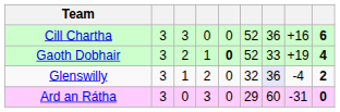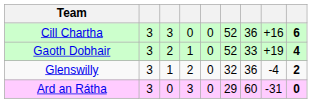 <table class="wikitable" style="text-align:center">
 <tr>
 <th style="width:175px;">Team</th>
 <th width="20"></th>
 <th width="20"></th>
 <th width="20"></th>
 <th width="20"></th>
 <th width="20"></th>
 <th width="20"></th>
 <th width="20"></th>
 <th width="20"></th>
 </tr>
 <tr style="background:#cfc;">
 <td><a href='#'>Cill Chartha</a></td>
 <td>3</td>
 <td>3</td>
 <td>0</td>
 <td>0</td>
 <td>52</td>
 <td>36</td>
 <td>+16</td>
 <td><strong>6</strong></td>
 </tr>
 <tr style="background:#cfc;">
 <td><a href='#'>Gaoth Dobhair</a></td>
 <td>3</td>
 <td>2</td>
 <td>1</td>
-<td><strong>0</strong></td>
+<td>0</td>
 <td>52</td>
 <td>33</td>
 <td>+19</td>
 <td><strong>4</strong></td>
 </tr>
 <tr>
 <td><a href='#'>Glenswilly</a></td>
 <td>3</td>
 <td>1</td>
 <td>2</td>
 <td>0</td>
 <td>32</td>
-<td style="background: lavender;">36</td>
+<td>36</td>
 <td>-4</td>
 <td><strong>2</strong></td>
 </tr>
 <tr style="background:#fcf;">
 <td><a href='#'>Ard an Rátha</a></td>
 <td>3</td>
 <td>0</td>
 <td>3</td>
 <td>0</td>
 <td>29</td>
 <td>60</td>
 <td>-31</td>
 <td><strong>0</strong></td>
 </tr>
 </table>
